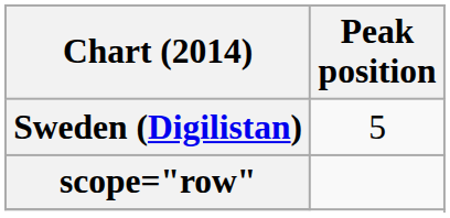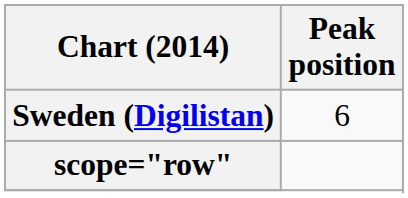 <table class="wikitable sortable plainrowheaders">
 <tr>
 <th>Chart (2014)</th>
 <th>Peak<br>position</th>
 </tr>
 <tr>
 <th scope="row">Sweden (<a href='#'>Digilistan</a>)</th>
-<td align="center">5</td>
+<td align="center">6</td>
 </tr>
 <tr>
 <th>scope="row" </th>
 </tr>
 <tr>
 </tr>
 </table>
